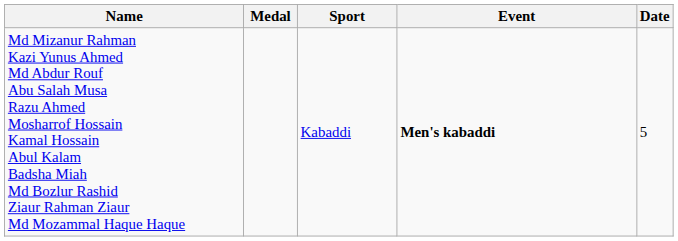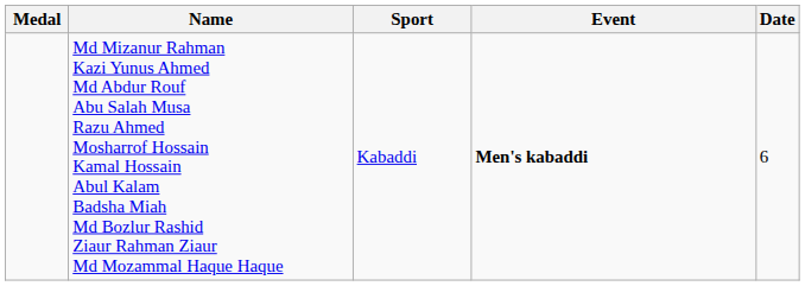 <table class="wikitable sortable" style="font-size:100%">
 <tr>
+<th width="50">Medal</th>
 <th width="250">Name</th>
-<th width="50">Medal</th>
 <th width="100">Sport</th>
 <th width="250">Event</th>
 <th>Date</th>
 </tr>
 <tr>
+<td></td>
 <td><a href='#'>Md Mizanur Rahman</a><br><a href='#'>Kazi Yunus Ahmed</a><br><a href='#'>Md Abdur Rouf</a><br><a href='#'>Abu Salah Musa</a><br><a href='#'>Razu Ahmed</a><br><a href='#'>Mosharrof Hossain</a><br><a href='#'>Kamal Hossain</a><br><a href='#'>Abul Kalam</a><br><a href='#'>Badsha Miah</a><br><a href='#'>Md Bozlur Rashid</a><br><a href='#'>Ziaur Rahman Ziaur</a><br><a href='#'>Md Mozammal Haque Haque</a></td>
-<td></td>
 <td><a href='#'>Kabaddi</a></td>
 <td><strong>Men's kabaddi</strong></td>
-<td>5</td>
+<td>6</td>
 </tr>
 </table>
